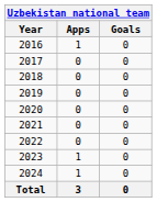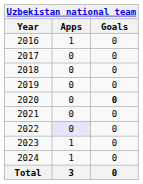 <table class="wikitable" style="text-align:center">
 <tr>
 <th colspan=3><a href='#'>Uzbekistan national team</a></th>
 </tr>
 <tr>
 <th>Year</th>
 <th>Apps</th>
 <th>Goals</th>
 </tr>
 <tr>
 <td>2016</td>
 <td>1</td>
 <td>0</td>
 </tr>
 <tr>
 <td>2017</td>
 <td>0</td>
 <td>0</td>
 </tr>
 <tr>
 <td>2018</td>
 <td>0</td>
 <td>0</td>
 </tr>
 <tr>
 <td>2019</td>
 <td>0</td>
 <td>0</td>
 </tr>
 <tr>
 <td>2020</td>
 <td>0</td>
-<td>0</td>
+<td><strong>0</strong></td>
 </tr>
 <tr>
 <td>2021</td>
 <td>0</td>
 <td>0</td>
 </tr>
 <tr>
 <td>2022</td>
-<td>0</td>
+<td style="background: lavender;">0</td>
 <td>0</td>
 </tr>
 <tr>
 <td>2023</td>
 <td>1</td>
 <td>0</td>
 </tr>
 <tr>
 <td>2024</td>
 <td>1</td>
 <td>0</td>
 </tr>
 <tr>
 <th>Total</th>
 <th>3</th>
 <th>0</th>
 </tr>
 </table>
